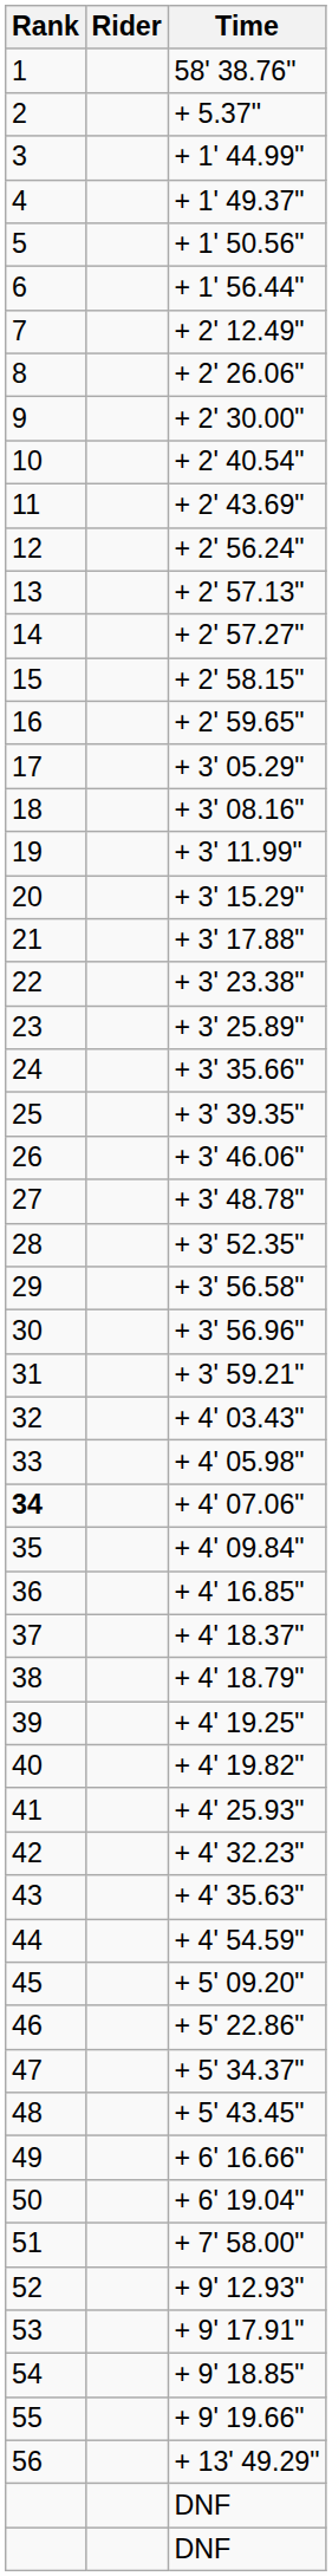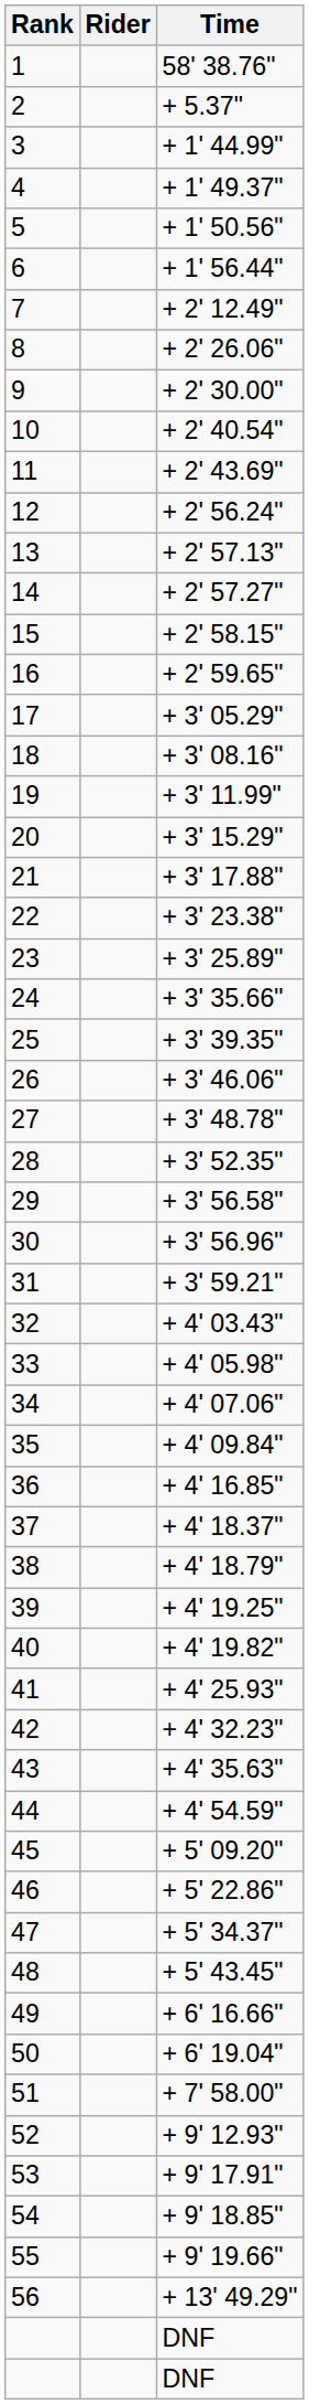 <table class="wikitable">
 <tr>
 <th>Rank</th>
 <th>Rider</th>
 <th>Time</th>
 </tr>
 <tr>
 <td>1</td>
 <td></td>
 <td>58' 38.76"</td>
 </tr>
 <tr>
 <td>2</td>
 <td></td>
 <td>+ 5.37"</td>
 </tr>
 <tr>
 <td>3</td>
 <td></td>
 <td>+ 1' 44.99"</td>
 </tr>
 <tr>
 <td>4</td>
 <td></td>
 <td>+ 1' 49.37"</td>
 </tr>
 <tr>
 <td>5</td>
 <td></td>
 <td>+ 1' 50.56"</td>
 </tr>
 <tr>
 <td>6</td>
 <td></td>
 <td>+ 1' 56.44"</td>
 </tr>
 <tr>
 <td>7</td>
 <td></td>
 <td>+ 2' 12.49"</td>
 </tr>
 <tr>
 <td>8</td>
 <td></td>
 <td>+ 2' 26.06"</td>
 </tr>
 <tr>
 <td>9</td>
 <td></td>
 <td>+ 2' 30.00"</td>
 </tr>
 <tr>
 <td>10</td>
 <td></td>
 <td>+ 2' 40.54"</td>
 </tr>
 <tr>
 <td>11</td>
 <td></td>
 <td>+ 2' 43.69"</td>
 </tr>
 <tr>
 <td>12</td>
 <td></td>
 <td>+ 2' 56.24"</td>
 </tr>
 <tr>
 <td>13</td>
 <td></td>
 <td>+ 2' 57.13"</td>
 </tr>
 <tr>
 <td>14</td>
 <td></td>
 <td>+ 2' 57.27"</td>
 </tr>
 <tr>
 <td>15</td>
 <td></td>
 <td>+ 2' 58.15"</td>
 </tr>
 <tr>
 <td>16</td>
 <td></td>
 <td>+ 2' 59.65"</td>
 </tr>
 <tr>
 <td>17</td>
 <td></td>
 <td>+ 3' 05.29"</td>
 </tr>
 <tr>
 <td>18</td>
 <td></td>
 <td>+ 3' 08.16"</td>
 </tr>
 <tr>
 <td>19</td>
 <td></td>
 <td>+ 3' 11.99"</td>
 </tr>
 <tr>
 <td>20</td>
 <td></td>
 <td>+ 3' 15.29"</td>
 </tr>
 <tr>
 <td>21</td>
 <td></td>
 <td>+ 3' 17.88"</td>
 </tr>
 <tr>
 <td>22</td>
 <td></td>
 <td>+ 3' 23.38"</td>
 </tr>
 <tr>
 <td>23</td>
 <td></td>
 <td>+ 3' 25.89"</td>
 </tr>
 <tr>
 <td>24</td>
 <td></td>
 <td>+ 3' 35.66"</td>
 </tr>
 <tr>
 <td>25</td>
 <td></td>
 <td>+ 3' 39.35"</td>
 </tr>
 <tr>
 <td>26</td>
 <td></td>
 <td>+ 3' 46.06"</td>
 </tr>
 <tr>
 <td>27</td>
 <td></td>
 <td>+ 3' 48.78"</td>
 </tr>
 <tr>
 <td>28</td>
 <td></td>
 <td>+ 3' 52.35"</td>
 </tr>
 <tr>
 <td>29</td>
 <td></td>
 <td>+ 3' 56.58"</td>
 </tr>
 <tr>
 <td>30</td>
 <td></td>
 <td>+ 3' 56.96"</td>
 </tr>
 <tr>
 <td>31</td>
 <td></td>
 <td>+ 3' 59.21"</td>
 </tr>
 <tr>
 <td>32</td>
 <td></td>
 <td>+ 4' 03.43"</td>
 </tr>
 <tr>
 <td>33</td>
 <td></td>
 <td>+ 4' 05.98"</td>
 </tr>
 <tr>
-<td><strong>34</strong></td>
+<td>34</td>
 <td></td>
 <td>+ 4' 07.06"</td>
 </tr>
 <tr>
 <td>35</td>
 <td></td>
 <td>+ 4' 09.84"</td>
 </tr>
 <tr>
 <td>36</td>
 <td></td>
 <td>+ 4' 16.85"</td>
 </tr>
 <tr>
 <td>37</td>
 <td></td>
 <td>+ 4' 18.37"</td>
 </tr>
 <tr>
 <td>38</td>
 <td></td>
 <td>+ 4' 18.79"</td>
 </tr>
 <tr>
 <td>39</td>
 <td></td>
 <td>+ 4' 19.25"</td>
 </tr>
 <tr>
 <td>40</td>
 <td></td>
 <td>+ 4' 19.82"</td>
 </tr>
 <tr>
 <td>41</td>
 <td></td>
 <td>+ 4' 25.93"</td>
 </tr>
 <tr>
 <td>42</td>
 <td></td>
 <td>+ 4' 32.23"</td>
 </tr>
 <tr>
 <td>43</td>
 <td></td>
 <td>+ 4' 35.63"</td>
 </tr>
 <tr>
 <td>44</td>
 <td></td>
 <td>+ 4' 54.59"</td>
 </tr>
 <tr>
 <td>45</td>
 <td></td>
 <td>+ 5' 09.20"</td>
 </tr>
 <tr>
 <td>46</td>
 <td></td>
 <td>+ 5' 22.86"</td>
 </tr>
 <tr>
 <td>47</td>
 <td></td>
 <td>+ 5' 34.37"</td>
 </tr>
 <tr>
 <td>48</td>
 <td></td>
 <td>+ 5' 43.45"</td>
 </tr>
 <tr>
 <td>49</td>
 <td></td>
 <td>+ 6' 16.66"</td>
 </tr>
 <tr>
 <td>50</td>
 <td></td>
 <td>+ 6' 19.04"</td>
 </tr>
 <tr>
 <td>51</td>
 <td></td>
 <td>+ 7' 58.00"</td>
 </tr>
 <tr>
 <td>52</td>
 <td></td>
 <td>+ 9' 12.93"</td>
 </tr>
 <tr>
 <td>53</td>
 <td></td>
 <td>+ 9' 17.91"</td>
 </tr>
 <tr>
 <td>54</td>
 <td></td>
 <td>+ 9' 18.85"</td>
 </tr>
 <tr>
 <td>55</td>
 <td></td>
 <td>+ 9' 19.66"</td>
 </tr>
 <tr>
 <td>56</td>
 <td></td>
 <td>+ 13' 49.29"</td>
 </tr>
 <tr>
 <td></td>
 <td></td>
 <td>DNF</td>
 </tr>
 <tr>
 <td></td>
 <td></td>
 <td>DNF</td>
 </tr>
 </table>
